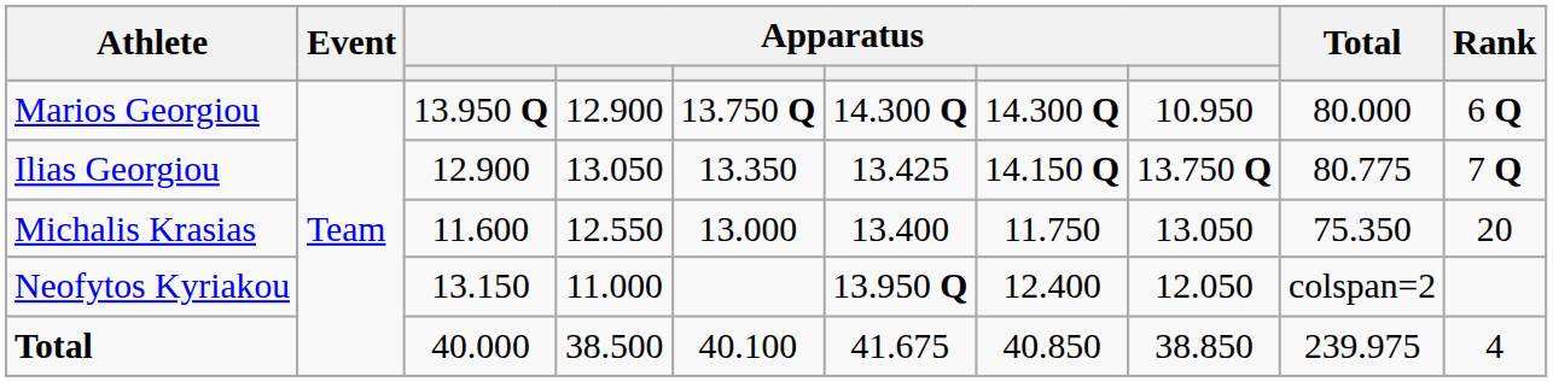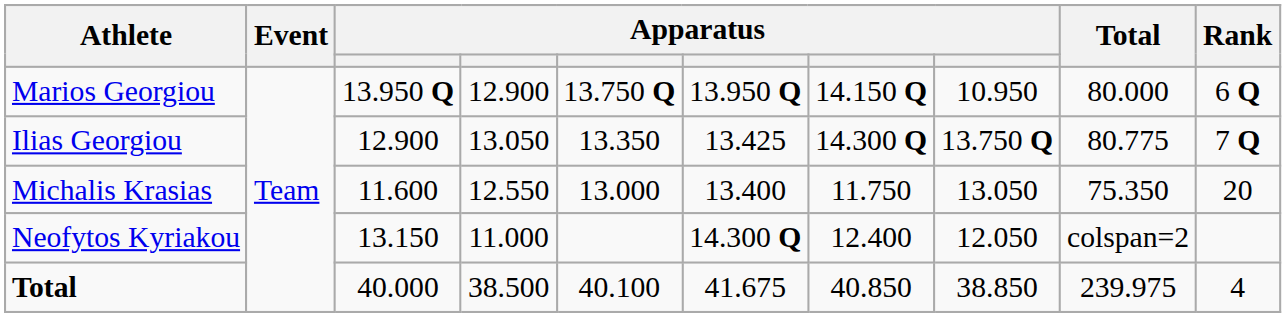 <table class="wikitable" style="font-size:90%">
 <tr>
 <th rowspan=2>Athlete</th>
 <th rowspan=2>Event</th>
 <th colspan=6>Apparatus</th>
 <th rowspan=2>Total</th>
 <th rowspan=2>Rank</th>
 </tr>
 <tr style="font-size:95%">
 <th></th>
 <th></th>
 <th></th>
 <th></th>
 <th></th>
 <th></th>
 </tr>
 <tr align=center>
 <td align=left><a href='#'>Marios Georgiou</a></td>
 <td align=left rowspan=5><a href='#'>Team</a></td>
 <td>13.950 <strong>Q</strong></td>
 <td>12.900</td>
 <td>13.750 <strong>Q</strong></td>
-<td>14.300 <strong>Q</strong></td>
-<td>14.300 <strong>Q</strong></td>
+<td>13.950 <strong>Q</strong></td>
+<td>14.150 <strong>Q</strong></td>
 <td>10.950</td>
 <td>80.000</td>
 <td>6 <strong>Q</strong></td>
 </tr>
 <tr align=center>
 <td align=left><a href='#'>Ilias Georgiou</a></td>
 <td>12.900</td>
 <td>13.050</td>
 <td>13.350</td>
 <td>13.425</td>
-<td>14.150 <strong>Q</strong></td>
+<td>14.300 <strong>Q</strong></td>
 <td>13.750 <strong>Q</strong></td>
 <td>80.775</td>
 <td>7 <strong>Q</strong></td>
 </tr>
 <tr align=center>
 <td align=left><a href='#'>Michalis Krasias</a></td>
 <td>11.600</td>
 <td>12.550</td>
 <td>13.000</td>
 <td>13.400</td>
 <td>11.750</td>
 <td>13.050</td>
 <td>75.350</td>
 <td>20</td>
 </tr>
 <tr align=center>
 <td align=left><a href='#'>Neofytos Kyriakou</a></td>
 <td>13.150</td>
 <td>11.000</td>
 <td></td>
-<td>13.950 <strong>Q</strong></td>
+<td>14.300 <strong>Q</strong></td>
 <td>12.400</td>
 <td>12.050</td>
 <td>colspan=2 </td>
 </tr>
 <tr align=center>
 <td align=left><strong>Total</strong></td>
 <td>40.000</td>
 <td>38.500</td>
 <td>40.100</td>
 <td>41.675</td>
 <td>40.850</td>
 <td>38.850</td>
 <td>239.975</td>
 <td>4</td>
 </tr>
 </table>
